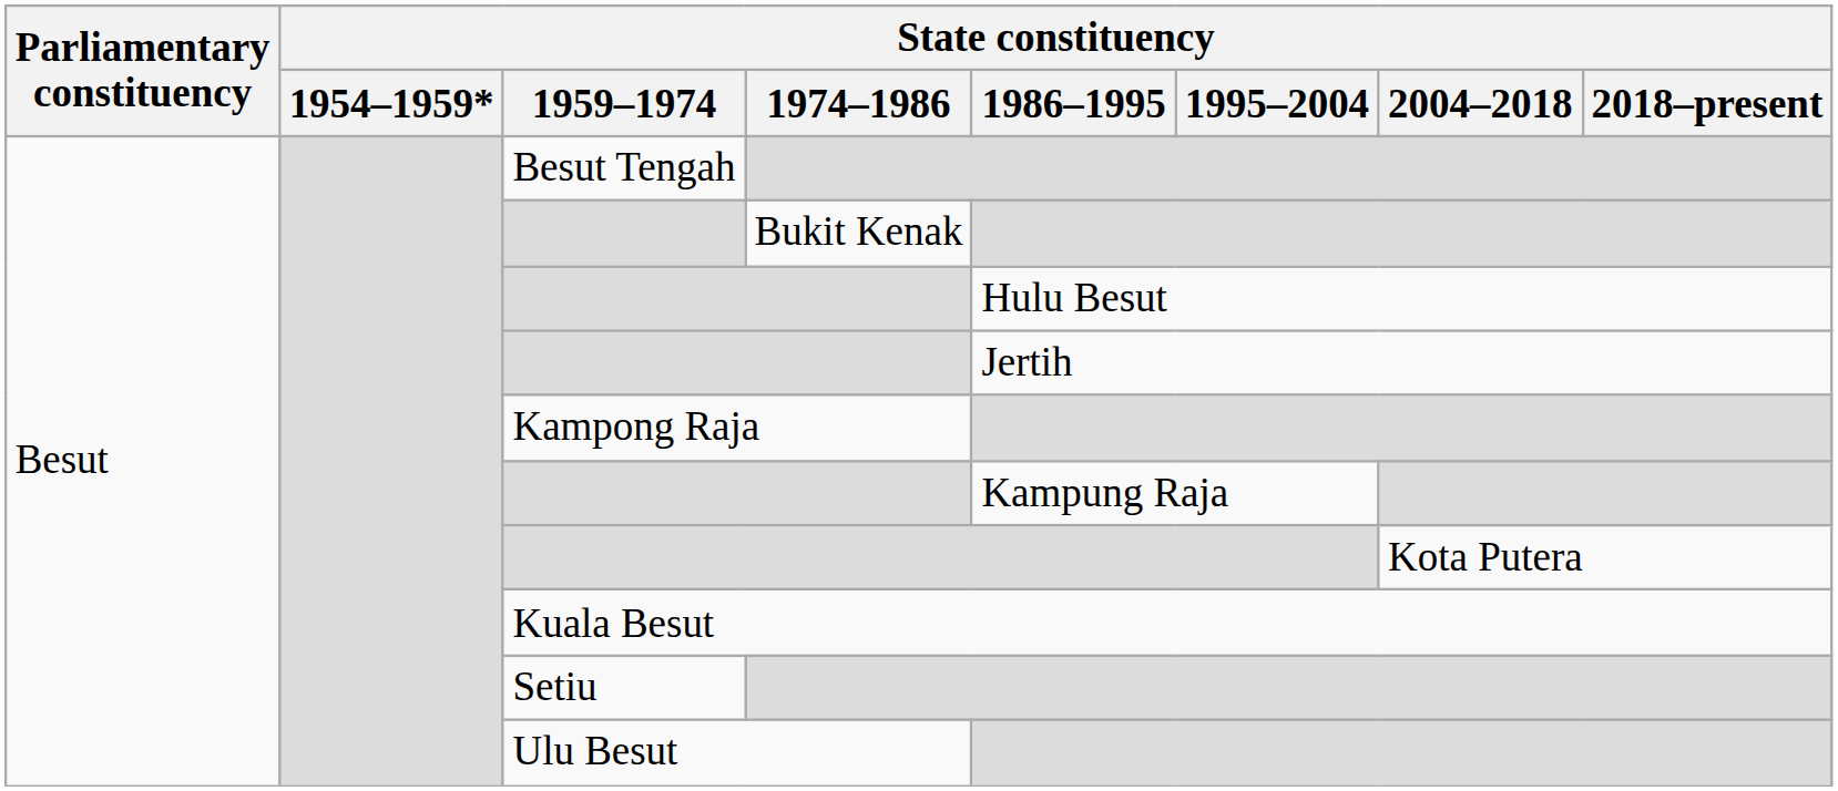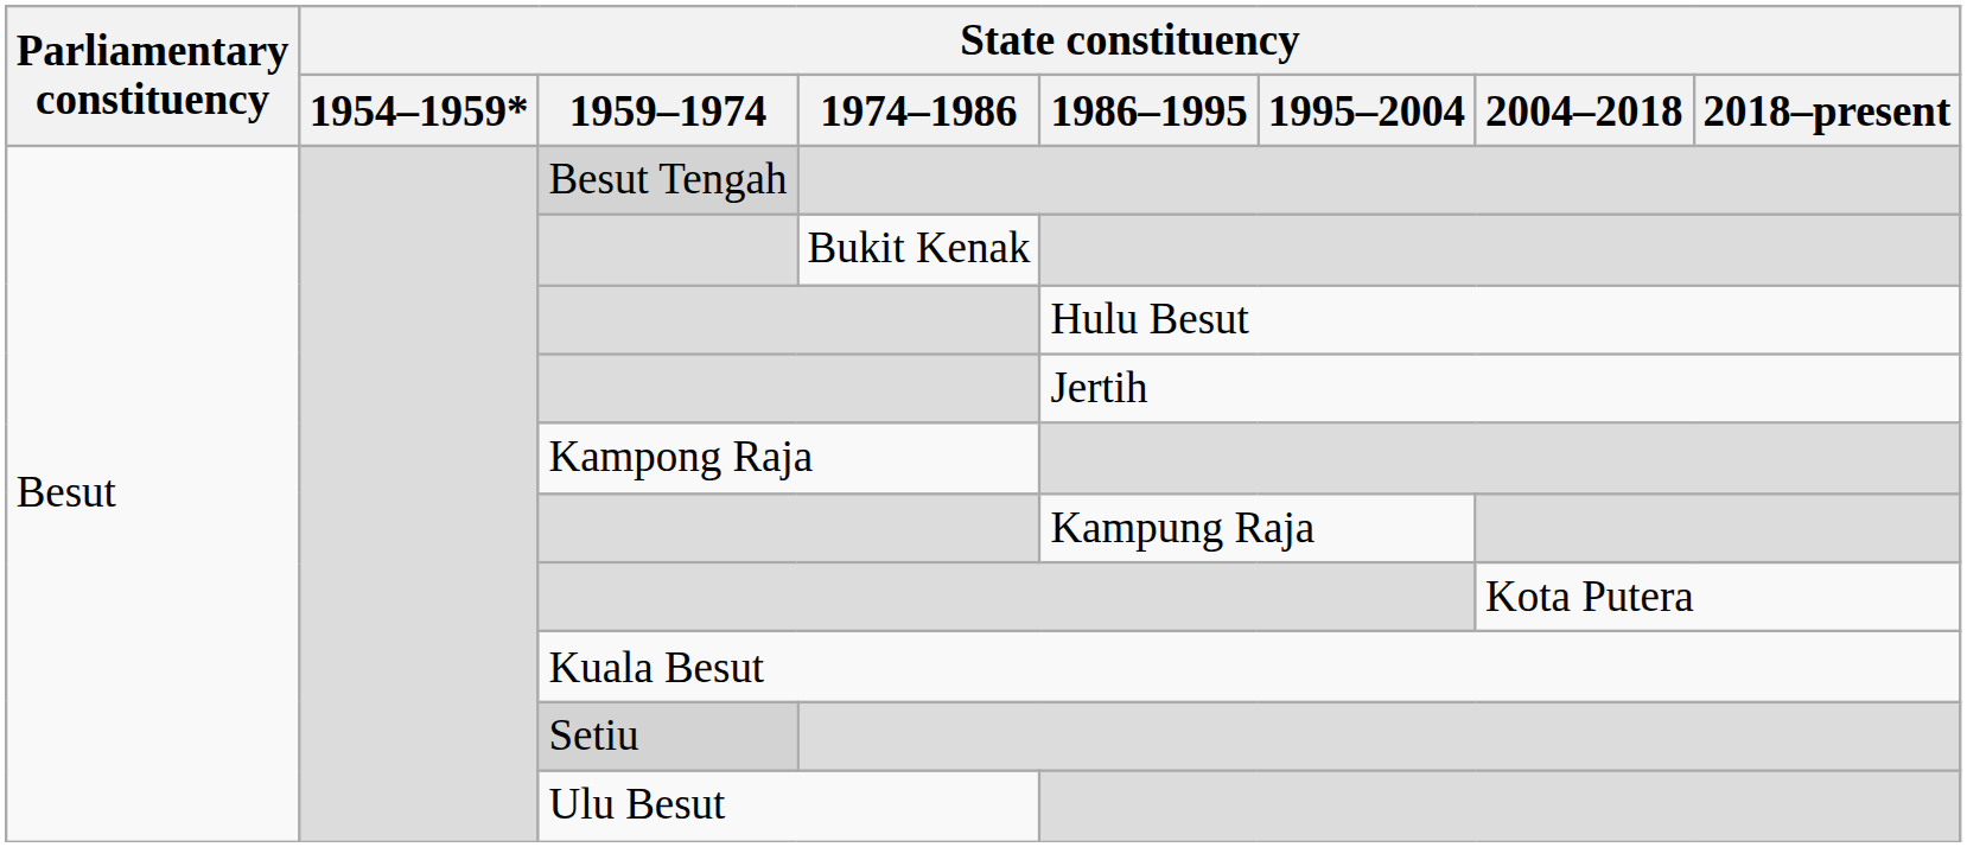 <table class=wikitable>
 <tr>
 <th rowspan=2>Parliamentary<br>constituency</th>
 <th colspan=7>State constituency</th>
 </tr>
 <tr>
 <th>1954–1959*</th>
 <th>1959–1974</th>
 <th>1974–1986</th>
 <th>1986–1995</th>
 <th>1995–2004</th>
 <th>2004–2018</th>
 <th>2018–present</th>
 </tr>
 <tr>
 <td rowspan=10>Besut</td>
 <td rowspan="10" bgcolor="dcdcdc"></td>
-<td>Besut Tengah</td>
+<td style="background: lightgrey;">Besut Tengah</td>
 <td colspan=5 bgcolor=dcdcdc></td>
 </tr>
 <tr>
 <td bgcolor=dcdcdc></td>
 <td>Bukit Kenak</td>
 <td colspan=4 bgcolor=dcdcdc></td>
 </tr>
 <tr>
 <td colspan=2 bgcolor=dcdcdc></td>
 <td colspan=4>Hulu Besut</td>
 </tr>
 <tr>
 <td colspan=2 bgcolor=dcdcdc></td>
 <td colspan=4>Jertih</td>
 </tr>
 <tr>
 <td colspan=2>Kampong Raja</td>
 <td colspan=4 bgcolor=dcdcdc></td>
 </tr>
 <tr>
 <td colspan=2 bgcolor=dcdcdc></td>
 <td colspan=2>Kampung Raja</td>
 <td colspan=2 bgcolor=dcdcdc></td>
 </tr>
 <tr>
 <td colspan=4 bgcolor=dcdcdc></td>
 <td colspan=2>Kota Putera</td>
 </tr>
 <tr>
 <td colspan=6>Kuala Besut</td>
 </tr>
 <tr>
-<td>Setiu</td>
+<td style="background: lightgrey;">Setiu</td>
 <td colspan=5 bgcolor=dcdcdc></td>
 </tr>
 <tr>
 <td colspan=2>Ulu Besut</td>
 <td colspan=4 bgcolor=dcdcdc></td>
 </tr>
 </table>
